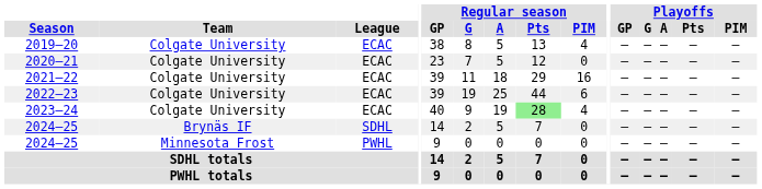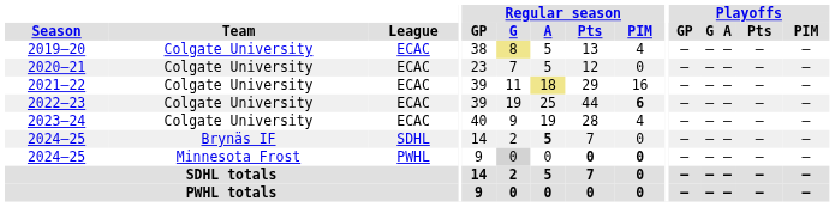 <table border="0" cellpadding="1" cellspacing="0" style="text-align:center; width:60em">
 <tr bgcolor="#e0e0e0">
 <th colspan="3" bgcolor="#ffffff"></th>
 <th rowspan="97" bgcolor="#ffffff"></th>
 <th colspan="5"><a href='#'>Regular season</a></th>
 <th rowspan="97" bgcolor="#ffffff"></th>
 <th colspan="5"><a href='#'>Playoffs</a></th>
 </tr>
 <tr bgcolor="#e0e0e0">
 <th><a href='#'>Season</a></th>
 <th>Team</th>
 <th>League</th>
 <th>GP</th>
 <th><a href='#'>G</a></th>
 <th><a href='#'>A</a></th>
 <th><a href='#'>Pts</a></th>
 <th><a href='#'>PIM</a></th>
 <th>GP</th>
 <th>G</th>
 <th>A</th>
 <th>Pts</th>
 <th>PIM</th>
 </tr>
 <tr>
 <td><a href='#'>2019–20</a></td>
 <td><a href='#'>Colgate University</a></td>
 <td><a href='#'>ECAC</a></td>
 <td>38</td>
-<td>8</td>
+<td style="background: khaki;">8</td>
 <td>5</td>
 <td>13</td>
 <td>4</td>
 <td>—</td>
 <td>—</td>
 <td>—</td>
 <td>—</td>
 <td>—</td>
 </tr>
 <tr bgcolor="#f0f0f0">
 <td><a href='#'>2020–21</a></td>
 <td>Colgate University</td>
 <td>ECAC</td>
 <td>23</td>
 <td>7</td>
 <td>5</td>
 <td>12</td>
 <td>0</td>
 <td>—</td>
 <td>—</td>
 <td>—</td>
 <td>—</td>
 <td>—</td>
 </tr>
 <tr>
 <td><a href='#'>2021–22</a></td>
 <td>Colgate University</td>
 <td>ECAC</td>
 <td>39</td>
 <td>11</td>
-<td>18</td>
+<td style="background: khaki;">18</td>
 <td>29</td>
 <td>16</td>
 <td>—</td>
 <td>—</td>
 <td>—</td>
 <td>—</td>
 <td>—</td>
 </tr>
 <tr bgcolor="#f0f0f0">
 <td><a href='#'>2022–23</a></td>
 <td>Colgate University</td>
 <td>ECAC</td>
 <td>39</td>
 <td>19</td>
 <td>25</td>
 <td>44</td>
-<td>6</td>
+<td><strong>6</strong></td>
 <td>—</td>
 <td>—</td>
 <td>—</td>
 <td>—</td>
 <td>—</td>
 </tr>
 <tr>
 <td><a href='#'>2023–24</a></td>
 <td>Colgate University</td>
 <td>ECAC</td>
 <td>40</td>
 <td>9</td>
 <td>19</td>
-<td style="background: lightgreen;">28</td>
+<td>28</td>
 <td>4</td>
 <td>—</td>
 <td>—</td>
 <td>—</td>
 <td>—</td>
 <td>—</td>
 </tr>
 <tr bgcolor="#f0f0f0">
 <td><a href='#'>2024–25</a></td>
 <td><a href='#'>Brynäs IF</a></td>
 <td><a href='#'>SDHL</a></td>
 <td>14</td>
 <td>2</td>
-<td>5</td>
+<td><strong>5</strong></td>
 <td>7</td>
 <td>0</td>
 <td>—</td>
 <td>—</td>
 <td>—</td>
 <td>—</td>
 <td>—</td>
 </tr>
 <tr>
 <td><a href='#'>2024–25</a></td>
 <td><a href='#'>Minnesota Frost</a></td>
 <td><a href='#'>PWHL</a></td>
 <td>9</td>
+<td style="background: lightgrey;">0</td>
 <td>0</td>
-<td>0</td>
-<td>0</td>
-<td>0</td>
+<td><strong>0</strong></td>
+<td><strong>0</strong></td>
 <td>—</td>
 <td>—</td>
 <td>—</td>
 <td>—</td>
 <td>—</td>
 </tr>
 <tr bgcolor="#e0e0e0">
 <th colspan="3">SDHL totals</th>
 <th>14</th>
 <th>2</th>
 <th>5</th>
 <th>7</th>
 <th>0</th>
 <th>—</th>
 <th>—</th>
 <th>—</th>
 <th>—</th>
 <th>—</th>
 </tr>
 <tr bgcolor="#e0e0e0">
 <th colspan="3">PWHL totals</th>
 <th>9</th>
 <th>0</th>
 <th>0</th>
 <th>0</th>
 <th>0</th>
 <th>—</th>
 <th>—</th>
 <th>—</th>
 <th>—</th>
 <th>—</th>
 </tr>
 </table>
